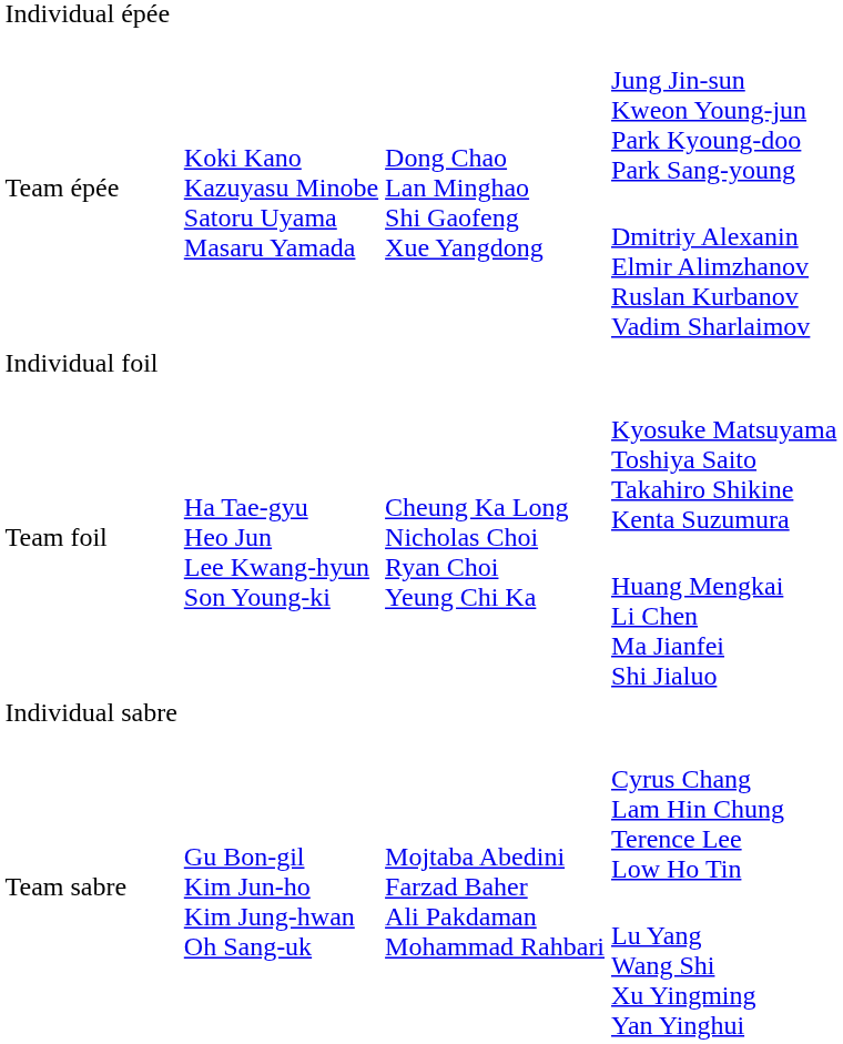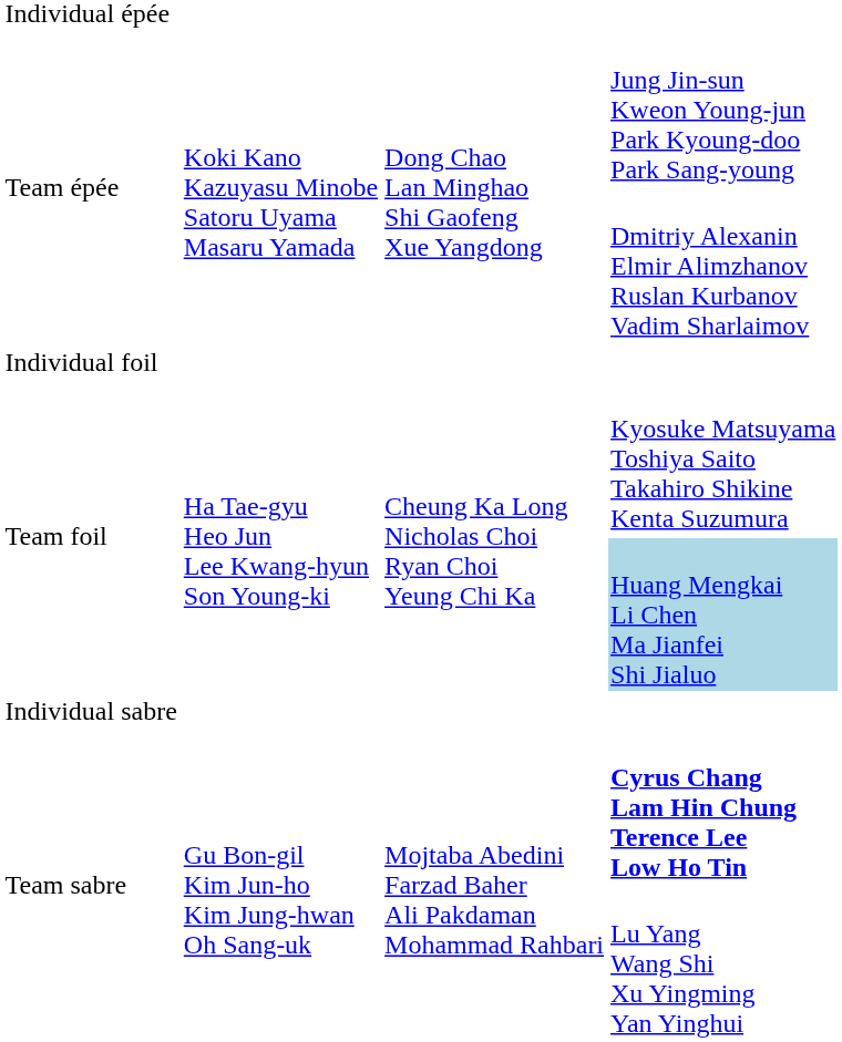 <table>
 <tr>
 <td rowspan=2>Individual épée<br></td>
 <td rowspan=2></td>
 <td rowspan=2></td>
 <td></td>
 </tr>
 <tr>
 <td></td>
 </tr>
 <tr>
 <td rowspan=2>Team épée<br></td>
 <td rowspan=2><br><a href='#'>Koki Kano</a><br><a href='#'>Kazuyasu Minobe</a><br><a href='#'>Satoru Uyama</a><br><a href='#'>Masaru Yamada</a></td>
 <td rowspan=2><br><a href='#'>Dong Chao</a><br><a href='#'>Lan Minghao</a><br><a href='#'>Shi Gaofeng</a><br><a href='#'>Xue Yangdong</a></td>
 <td><br><a href='#'>Jung Jin-sun</a><br><a href='#'>Kweon Young-jun</a><br><a href='#'>Park Kyoung-doo</a><br><a href='#'>Park Sang-young</a></td>
 </tr>
 <tr>
 <td><br><a href='#'>Dmitriy Alexanin</a><br><a href='#'>Elmir Alimzhanov</a><br><a href='#'>Ruslan Kurbanov</a><br><a href='#'>Vadim Sharlaimov</a></td>
 </tr>
 <tr>
 <td rowspan=2>Individual foil<br></td>
 <td rowspan=2></td>
 <td rowspan=2></td>
 <td></td>
 </tr>
 <tr>
 <td></td>
 </tr>
 <tr>
 <td rowspan=2>Team foil<br></td>
 <td rowspan=2><br><a href='#'>Ha Tae-gyu</a><br><a href='#'>Heo Jun</a><br><a href='#'>Lee Kwang-hyun</a><br><a href='#'>Son Young-ki</a></td>
 <td rowspan=2><br><a href='#'>Cheung Ka Long</a><br><a href='#'>Nicholas Choi</a><br><a href='#'>Ryan Choi</a><br><a href='#'>Yeung Chi Ka</a></td>
 <td><br><a href='#'>Kyosuke Matsuyama</a><br><a href='#'>Toshiya Saito</a><br><a href='#'>Takahiro Shikine</a><br><a href='#'>Kenta Suzumura</a></td>
 </tr>
 <tr>
-<td><br><a href='#'>Huang Mengkai</a><br><a href='#'>Li Chen</a><br><a href='#'>Ma Jianfei</a><br><a href='#'>Shi Jialuo</a></td>
+<td style="background: lightblue;"><br><a href='#'>Huang Mengkai</a><br><a href='#'>Li Chen</a><br><a href='#'>Ma Jianfei</a><br><a href='#'>Shi Jialuo</a></td>
 </tr>
 <tr>
 <td rowspan=2>Individual sabre<br></td>
 <td rowspan=2></td>
 <td rowspan=2></td>
 <td></td>
 </tr>
 <tr>
 <td></td>
 </tr>
 <tr>
 <td rowspan=2>Team sabre<br></td>
 <td rowspan=2><br><a href='#'>Gu Bon-gil</a><br><a href='#'>Kim Jun-ho</a><br><a href='#'>Kim Jung-hwan</a><br><a href='#'>Oh Sang-uk</a></td>
 <td rowspan=2><br><a href='#'>Mojtaba Abedini</a><br><a href='#'>Farzad Baher</a><br><a href='#'>Ali Pakdaman</a><br><a href='#'>Mohammad Rahbari</a></td>
-<td><br><a href='#'>Cyrus Chang</a><br><a href='#'>Lam Hin Chung</a><br><a href='#'>Terence Lee</a><br><a href='#'>Low Ho Tin</a></td>
+<td><strong><br><a href='#'>Cyrus Chang</a><br><a href='#'>Lam Hin Chung</a><br><a href='#'>Terence Lee</a><br><a href='#'>Low Ho Tin</a></strong></td>
 </tr>
 <tr>
 <td><br><a href='#'>Lu Yang</a><br><a href='#'>Wang Shi</a><br><a href='#'>Xu Yingming</a><br><a href='#'>Yan Yinghui</a></td>
 </tr>
 </table>
